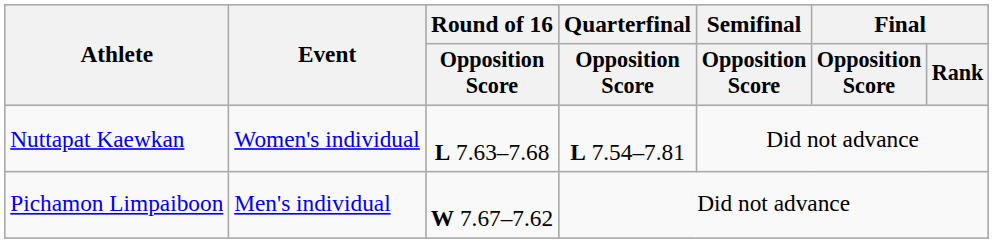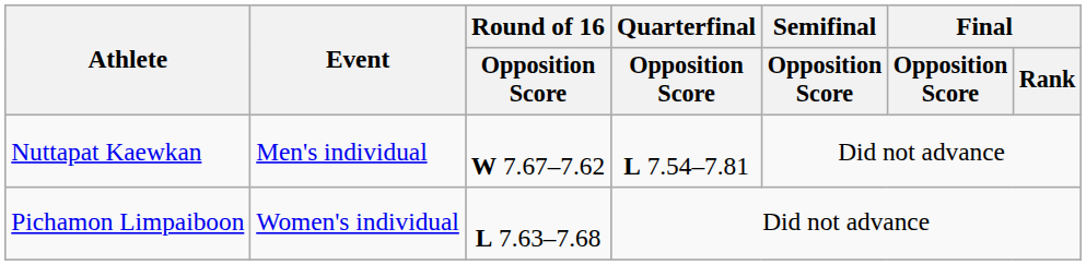 <table class=wikitable style=font-size:90%;text-align:center>
 <tr>
 <th rowspan=2>Athlete</th>
 <th rowspan=2>Event</th>
 <th>Round of 16</th>
 <th>Quarterfinal</th>
 <th>Semifinal</th>
 <th colspan=2>Final</th>
 </tr>
 <tr style=font-size:95%>
 <th>Opposition<br>Score</th>
 <th>Opposition<br>Score</th>
 <th>Opposition<br>Score</th>
 <th>Opposition<br>Score</th>
 <th>Rank</th>
 </tr>
 <tr>
 <td align=left><a href='#'>Nuttapat Kaewkan</a></td>
-<td align=left><a href='#'>Women's individual</a></td>
-<td><br><strong>L</strong> 7.63–7.68</td>
+<td align=left><a href='#'>Men's individual</a></td>
+<td><br><strong>W</strong> 7.67–7.62</td>
 <td><br><strong>L</strong> 7.54–7.81</td>
 <td colspan=4>Did not advance</td>
 </tr>
 <tr align=center>
 <td align=left><a href='#'>Pichamon Limpaiboon</a></td>
-<td align=left><a href='#'>Men's individual</a></td>
-<td><br><strong>W</strong> 7.67–7.62</td>
+<td align=left><a href='#'>Women's individual</a></td>
+<td><br><strong>L</strong> 7.63–7.68</td>
 <td colspan=4>Did not advance</td>
 </tr>
 </table>
